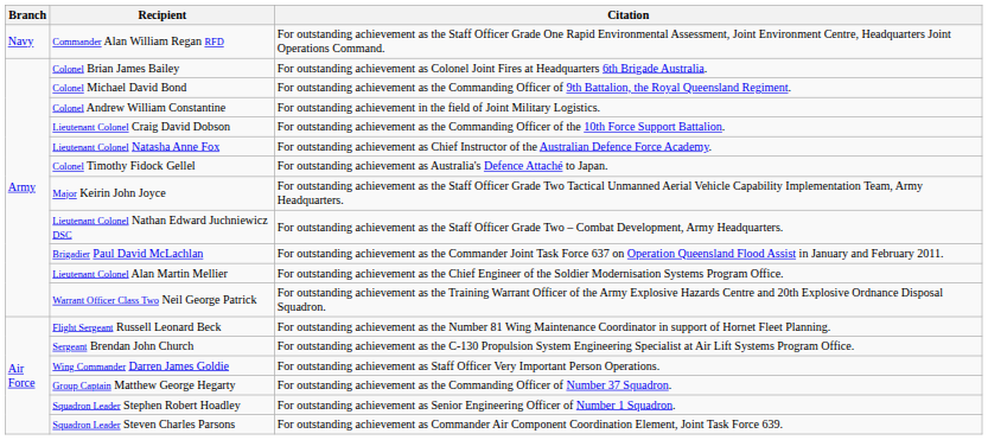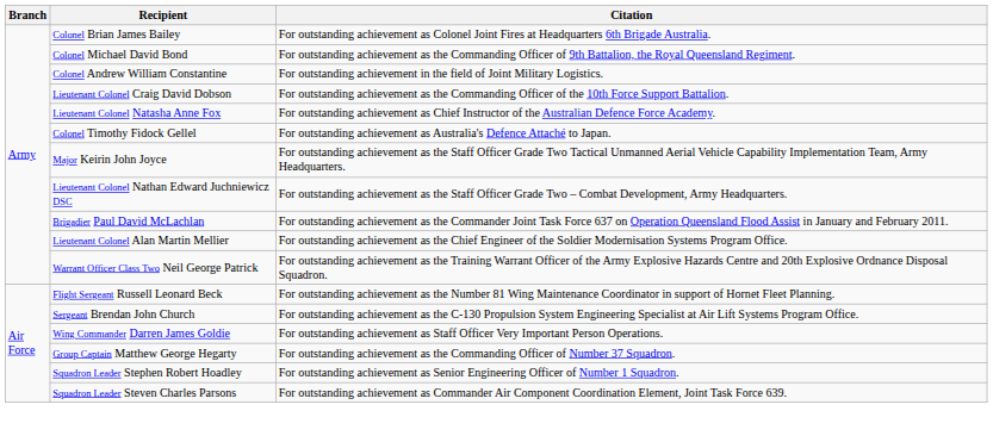 <table class="wikitable" style="font-size:95%;">
 <tr>
 <th scope="col" width="50">Branch</th>
 <th scope="col" width="280">Recipient</th>
 <th>Citation</th>
-</tr>
-<tr>
-<td><a href='#'>Navy</a></td>
-<td><small><a href='#'>Commander</a></small> Alan William Regan <small><a href='#'>RFD</a></small></td>
-<td>For outstanding achievement as the Staff Officer Grade One Rapid Environmental Assessment, Joint Environment Centre, Headquarters Joint Operations Command.</td>
 </tr>
 <tr>
 <td rowspan="11"><a href='#'>Army</a></td>
 <td><small><a href='#'>Colonel</a></small> Brian James Bailey</td>
 <td>For outstanding achievement as Colonel Joint Fires at Headquarters <a href='#'>6th Brigade Australia</a>.</td>
 </tr>
 <tr>
 <td><small><a href='#'>Colonel</a></small> Michael David Bond</td>
 <td>For outstanding achievement as the Commanding Officer of <a href='#'>9th Battalion, the Royal Queensland Regiment</a>.</td>
 </tr>
 <tr>
 <td><small><a href='#'>Colonel</a></small> Andrew William Constantine</td>
 <td>For outstanding achievement in the field of Joint Military Logistics.</td>
 </tr>
 <tr>
 <td><small><a href='#'>Lieutenant Colonel</a></small> Craig David Dobson</td>
 <td>For outstanding achievement as the Commanding Officer of the <a href='#'>10th Force Support Battalion</a>.</td>
 </tr>
 <tr>
 <td><small><a href='#'>Lieutenant Colonel</a></small> <a href='#'>Natasha Anne Fox</a></td>
 <td>For outstanding achievement as Chief Instructor of the <a href='#'>Australian Defence Force Academy</a>.</td>
 </tr>
 <tr>
 <td><small><a href='#'>Colonel</a></small> Timothy Fidock Gellel</td>
 <td>For outstanding achievement as Australia's <a href='#'>Defence Attaché</a> to Japan.</td>
 </tr>
 <tr>
 <td><small><a href='#'>Major</a></small> Keirin John Joyce</td>
 <td>For outstanding achievement as the Staff Officer Grade Two Tactical Unmanned Aerial Vehicle Capability Implementation Team, Army Headquarters.</td>
 </tr>
 <tr>
 <td><small><a href='#'>Lieutenant Colonel</a></small> Nathan Edward Juchniewicz <small><a href='#'>DSC</a></small></td>
 <td>For outstanding achievement as the Staff Officer Grade Two – Combat Development, Army Headquarters.</td>
 </tr>
 <tr>
 <td><small><a href='#'>Brigadier</a></small> <a href='#'>Paul David McLachlan</a></td>
 <td>For outstanding achievement as the Commander Joint Task Force 637 on <a href='#'>Operation Queensland Flood Assist</a> in January and February 2011.</td>
 </tr>
 <tr>
 <td><small><a href='#'>Lieutenant Colonel</a></small> Alan Martin Mellier</td>
 <td>For outstanding achievement as the Chief Engineer of the Soldier Modernisation Systems Program Office.</td>
 </tr>
 <tr>
 <td><small><a href='#'>Warrant Officer Class Two</a></small> Neil George Patrick</td>
 <td>For outstanding achievement as the Training Warrant Officer of the Army Explosive Hazards Centre and 20th Explosive Ordnance Disposal Squadron.</td>
 </tr>
 <tr>
 <td rowspan="6"><a href='#'>Air Force</a></td>
 <td><small><a href='#'>Flight Sergeant</a></small> Russell Leonard Beck</td>
 <td>For outstanding achievement as the Number 81 Wing Maintenance Coordinator in support of Hornet Fleet Planning.</td>
 </tr>
 <tr>
 <td><small><a href='#'>Sergeant</a></small> Brendan John Church</td>
 <td>For outstanding achievement as the C-130 Propulsion System Engineering Specialist at Air Lift Systems Program Office.</td>
 </tr>
 <tr>
 <td><small><a href='#'>Wing Commander</a></small> <a href='#'>Darren James Goldie</a></td>
 <td>For outstanding achievement as Staff Officer Very Important Person Operations.</td>
 </tr>
 <tr>
 <td><small><a href='#'>Group Captain</a></small> Matthew George Hegarty</td>
 <td>For outstanding achievement as the Commanding Officer of <a href='#'>Number 37 Squadron</a>.</td>
 </tr>
 <tr>
 <td><small><a href='#'>Squadron Leader</a></small> Stephen Robert Hoadley</td>
 <td>For outstanding achievement as Senior Engineering Officer of <a href='#'>Number 1 Squadron</a>.</td>
 </tr>
 <tr>
 <td><small><a href='#'>Squadron Leader</a></small> Steven Charles Parsons</td>
 <td>For outstanding achievement as Commander Air Component Coordination Element, Joint Task Force 639.</td>
 </tr>
 </table>
